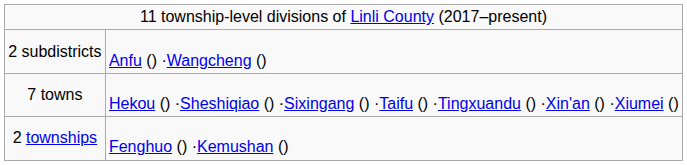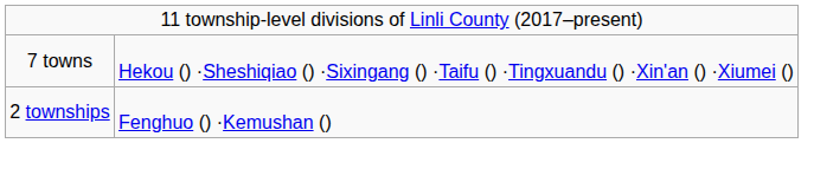 <table class="wikitable">
 <tr>
 <td style="text-align:center;" colspan="2">11 township-level divisions of <a href='#'>Linli County</a> (2017–present)</td>
-</tr>
-<tr align=left>
-<td align=center>2 subdistricts</td>
-<td><br><a href='#'>Anfu</a> () ·<a href='#'>Wangcheng</a> ()</td>
 </tr>
 <tr align=left>
 <td align=center>7 towns</td>
 <td><br><a href='#'>Hekou</a> () ·<a href='#'>Sheshiqiao</a> () ·<a href='#'>Sixingang</a> () ·<a href='#'>Taifu</a> () ·<a href='#'>Tingxuandu</a> () ·<a href='#'>Xin'an</a> () ·<a href='#'>Xiumei</a> ()</td>
 </tr>
 <tr align=left>
 <td align=center>2 <a href='#'>townships</a></td>
 <td><br><a href='#'>Fenghuo</a> () ·<a href='#'>Kemushan</a> ()</td>
 </tr>
 </table>
